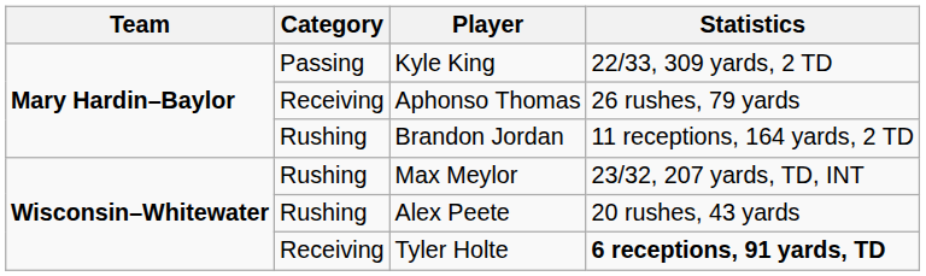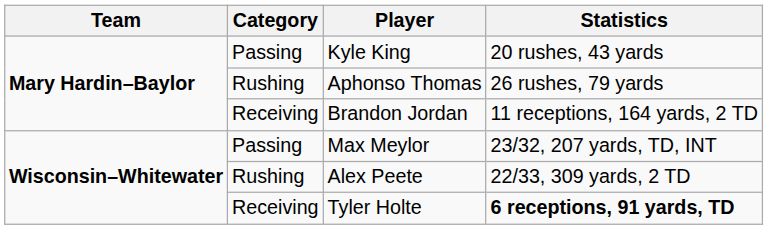 <table class="wikitable" style="float: right;">
 <tr>
 <th>Team</th>
 <th>Category</th>
 <th>Player</th>
 <th>Statistics</th>
 </tr>
 <tr>
 <td rowspan=3><strong>Mary Hardin–Baylor</strong></td>
 <td>Passing</td>
 <td>Kyle King</td>
-<td>22/33, 309 yards, 2 TD</td>
+<td>20 rushes, 43 yards</td>
 </tr>
 <tr>
-<td>Receiving</td>
+<td>Rushing</td>
 <td>Aphonso Thomas</td>
 <td>26 rushes, 79 yards</td>
 </tr>
 <tr>
-<td>Rushing</td>
+<td>Receiving</td>
 <td>Brandon Jordan</td>
 <td>11 receptions, 164 yards, 2 TD</td>
 </tr>
 <tr>
 <td rowspan=3><strong>Wisconsin–Whitewater</strong></td>
-<td>Rushing</td>
+<td>Passing</td>
 <td>Max Meylor</td>
 <td>23/32, 207 yards, TD, INT</td>
 </tr>
 <tr>
 <td>Rushing</td>
 <td>Alex Peete</td>
-<td>20 rushes, 43 yards</td>
+<td>22/33, 309 yards, 2 TD</td>
 </tr>
 <tr>
 <td>Receiving</td>
 <td>Tyler Holte</td>
 <td><strong>6 receptions, 91 yards, TD</strong></td>
 </tr>
 </table>
